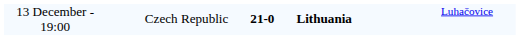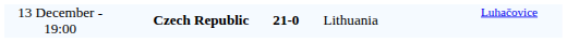 <table style="width: 100%; background:#F5FAFF;" cellspacing="0">
 <tr>
 <td align=center rowspan=3 width=20%>13 December - 19:00</td>
 </tr>
 <tr>
-<td width=24% align=right>Czech Republic </td>
+<td width=24% align=right><strong>Czech Republic </strong></td>
 <td align=center width=13%><strong>21-0</strong></td>
-<td width=24%><strong> Lithuania</strong></td>
+<td width=24%> Lithuania</td>
 <td style=font-size:85% rowspan=3 valign=top align=center><a href='#'>Luhačovice</a></td>
 </tr>
 <tr style=font-size:85%>
 <td align=right valign=top></td>
 <td></td>
 <td></td>
 </tr>
 </table>
